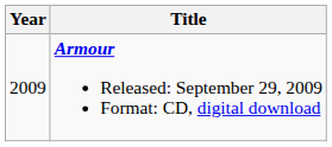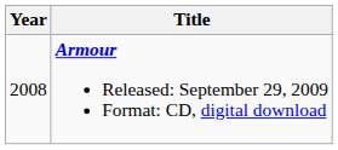 <table class="wikitable">
 <tr>
 <th>Year</th>
 <th>Title</th>
 </tr>
 <tr>
-<td>2009</td>
+<td>2008</td>
 <td><strong><em><a href='#'>Armour</a></em></strong><br><ul><li>Released: September 29, 2009</li><li>Format: CD, <a href='#'>digital download</a></li></ul></td>
 </tr>
 </table>
